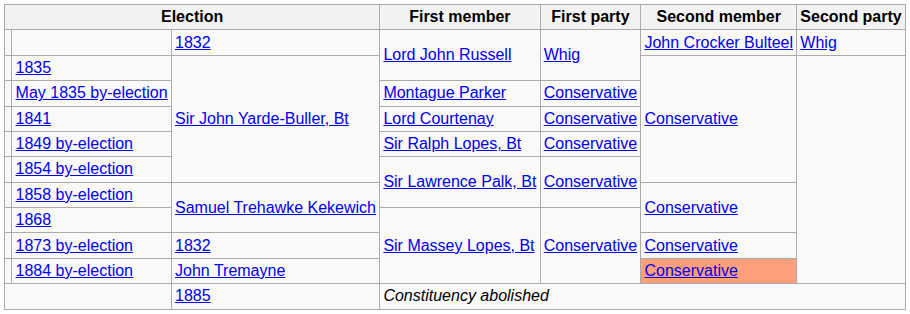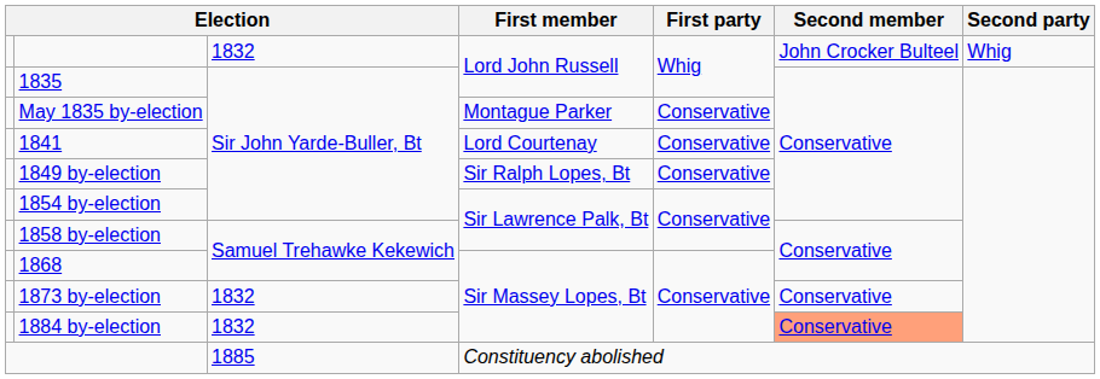 <table class="wikitable">
 <tr>
 <th colspan="3">Election</th>
 <th>First member</th>
 <th>First party</th>
 <th>Second member</th>
 <th>Second party</th>
 </tr>
 <tr>
 <td style="color:inherit;background-color: "></td>
 <td style="color:inherit;background-color: "></td>
 <td><a href='#'>1832</a></td>
 <td rowspan="2"><a href='#'>Lord John Russell</a></td>
 <td rowspan="2"><a href='#'>Whig</a></td>
 <td><a href='#'>John Crocker Bulteel</a></td>
 <td><a href='#'>Whig</a></td>
 </tr>
 <tr>
 <td style="color:inherit;background-color: "></td>
 <td><a href='#'>1835</a></td>
 <td rowspan="5"><a href='#'>Sir John Yarde-Buller, Bt</a></td>
 <td rowspan="5"><a href='#'>Conservative</a></td>
 </tr>
 <tr>
 <td style="color:inherit;background-color: "></td>
 <td><a href='#'>May 1835 by-election</a></td>
 <td><a href='#'>Montague Parker</a></td>
 <td><a href='#'>Conservative</a></td>
 </tr>
 <tr>
 <td style="color:inherit;background-color: "></td>
 <td><a href='#'>1841</a></td>
 <td><a href='#'>Lord Courtenay</a></td>
 <td><a href='#'>Conservative</a></td>
 </tr>
 <tr>
 <td style="color:inherit;background-color: "></td>
 <td><a href='#'>1849 by-election</a></td>
 <td><a href='#'>Sir Ralph Lopes, Bt</a></td>
 <td><a href='#'>Conservative</a></td>
 </tr>
 <tr>
 <td style="color:inherit;background-color: "></td>
 <td><a href='#'>1854 by-election</a></td>
 <td rowspan="2"><a href='#'>Sir Lawrence Palk, Bt</a></td>
 <td rowspan="2"><a href='#'>Conservative</a></td>
 </tr>
 <tr>
 <td style="color:inherit;background-color: "></td>
 <td><a href='#'>1858 by-election</a></td>
 <td rowspan="2"><a href='#'>Samuel Trehawke Kekewich</a></td>
 <td rowspan="2"><a href='#'>Conservative</a></td>
 </tr>
 <tr>
 <td style="color:inherit;background-color: "></td>
 <td><a href='#'>1868</a></td>
 <td rowspan="3"><a href='#'>Sir Massey Lopes, Bt</a></td>
 <td rowspan="3"><a href='#'>Conservative</a></td>
 </tr>
 <tr>
 <td style="color:inherit;background-color: "></td>
 <td><a href='#'>1873 by-election</a></td>
 <td><a href='#'>1832</a></td>
 <td><a href='#'>Conservative</a></td>
 </tr>
 <tr>
 <td style="color:inherit;background-color: "></td>
 <td><a href='#'>1884 by-election</a></td>
-<td><a href='#'>John Tremayne</a></td>
+<td><a href='#'>1832</a></td>
 <td style="background: lightsalmon;"><a href='#'>Conservative</a></td>
 </tr>
 <tr>
 <td colspan="2"></td>
 <td><a href='#'>1885</a></td>
 <td colspan="4"><em>Constituency abolished</em></td>
 </tr>
 </table>
